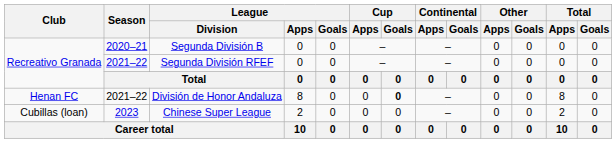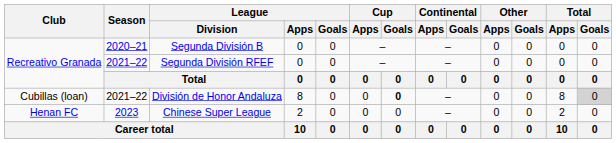 <table class="wikitable" style="text-align: center">
 <tr>
 <th rowspan=2>Club</th>
 <th rowspan=2>Season</th>
 <th colspan=3>League</th>
 <th colspan=2>Cup</th>
 <th colspan=2>Continental</th>
 <th colspan=2>Other</th>
 <th colspan=2>Total</th>
 </tr>
 <tr>
 <th>Division</th>
 <th>Apps</th>
 <th>Goals</th>
 <th>Apps</th>
 <th>Goals</th>
 <th>Apps</th>
 <th>Goals</th>
 <th>Apps</th>
 <th>Goals</th>
 <th>Apps</th>
 <th>Goals</th>
 </tr>
 <tr>
 <td rowspan=3><a href='#'>Recreativo Granada</a></td>
 <td><a href='#'>2020–21</a></td>
 <td><a href='#'>Segunda División B</a></td>
 <td>0</td>
 <td>0</td>
 <td colspan="2">–</td>
 <td colspan="2">–</td>
 <td>0</td>
 <td>0</td>
 <td>0</td>
 <td>0</td>
 </tr>
 <tr>
 <td><a href='#'>2021–22</a></td>
 <td><a href='#'>Segunda División RFEF</a></td>
 <td>0</td>
 <td>0</td>
 <td colspan="2">–</td>
 <td colspan="2">–</td>
 <td>0</td>
 <td>0</td>
 <td>0</td>
 <td>0</td>
 </tr>
 <tr>
 <th colspan=2>Total</th>
 <th>0</th>
 <th>0</th>
 <th>0</th>
 <th>0</th>
 <th>0</th>
 <th>0</th>
 <th>0</th>
 <th>0</th>
 <th>0</th>
 <th>0</th>
 </tr>
 <tr>
-<td><a href='#'>Henan FC</a></td>
+<td>Cubillas (loan)</td>
 <td>2021–22</td>
 <td><a href='#'>División de Honor Andaluza</a></td>
 <td>8</td>
 <td>0</td>
 <td>0</td>
 <td><strong>0</strong></td>
 <td colspan="2">–</td>
 <td>0</td>
 <td>0</td>
 <td>8</td>
-<td>0</td>
+<td style="background: lightgrey;">0</td>
 </tr>
 <tr>
-<td>Cubillas (loan)</td>
+<td><a href='#'>Henan FC</a></td>
 <td><a href='#'>2023</a></td>
 <td><a href='#'>Chinese Super League</a></td>
 <td>2</td>
 <td>0</td>
 <td>0</td>
 <td>0</td>
 <td colspan="2">–</td>
 <td>0</td>
 <td>0</td>
 <td>2</td>
 <td>0</td>
 </tr>
 <tr>
 <th colspan=3>Career total</th>
 <th>10</th>
 <th>0</th>
 <th>0</th>
 <th>0</th>
 <th>0</th>
 <th>0</th>
 <th>0</th>
 <th>0</th>
 <th>10</th>
 <th>0</th>
 </tr>
 </table>
